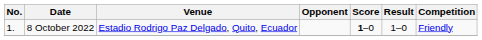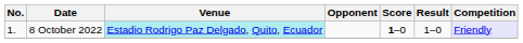 <table class="wikitable">
 <tr>
 <th>No.</th>
 <th>Date</th>
 <th>Venue</th>
 <th>Opponent</th>
 <th>Score</th>
 <th>Result</th>
 <th>Competition</th>
 </tr>
 <tr>
 <td>1.</td>
 <td>8 October 2022</td>
-<td><a href='#'>Estadio Rodrigo Paz Delgado</a>, <a href='#'>Quito</a>, <a href='#'>Ecuador</a></td>
+<td style="background: paleturquoise;"><a href='#'>Estadio Rodrigo Paz Delgado</a>, <a href='#'>Quito</a>, <a href='#'>Ecuador</a></td>
 <td></td>
 <td align=center><strong>1</strong>–0</td>
 <td align=center>1–0</td>
-<td><a href='#'>Friendly</a></td>
+<td style="background: lavender;"><a href='#'>Friendly</a></td>
 </tr>
 <tr>
 </tr>
 </table>
